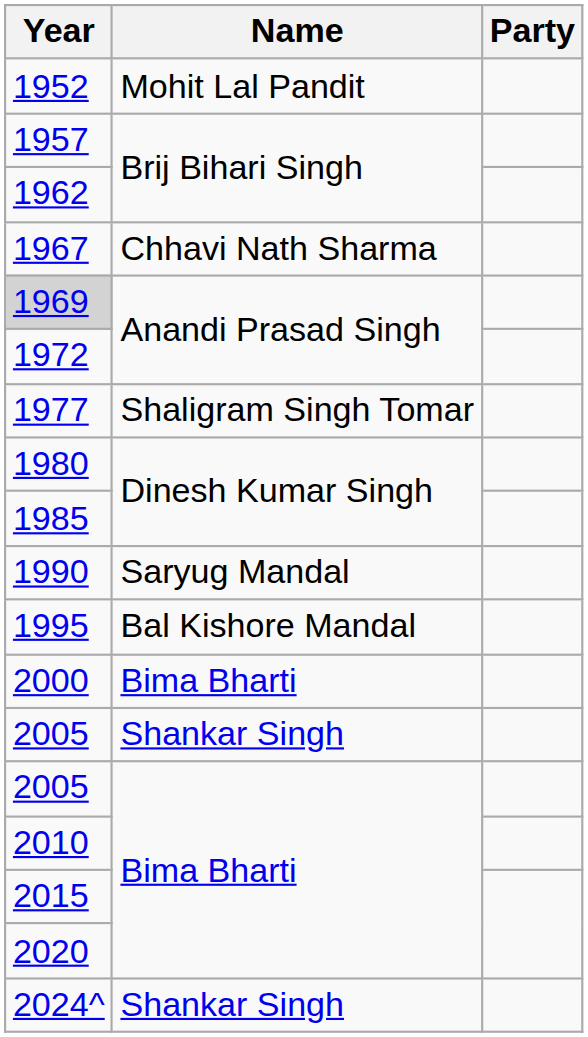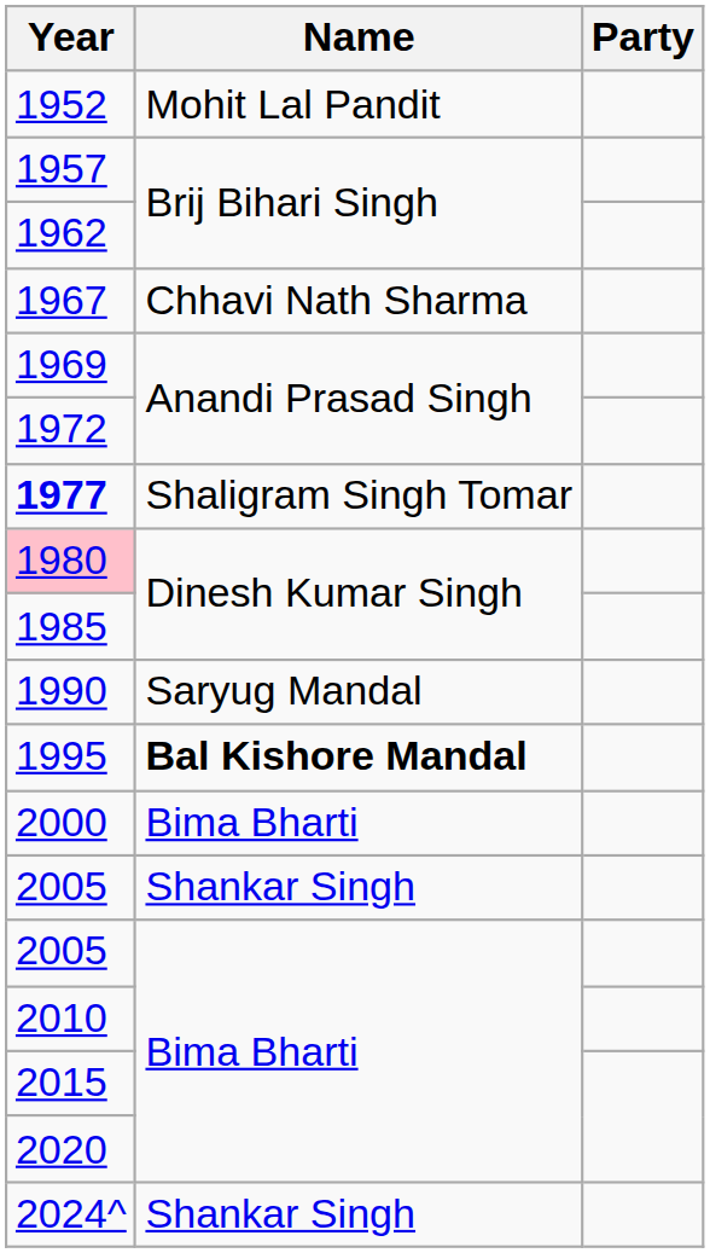 <table class="wikitable sortable">
 <tr>
 <th>Year</th>
 <th>Name</th>
 <th colspan="2">Party</th>
 </tr>
 <tr>
 <td><a href='#'>1952</a></td>
 <td>Mohit Lal Pandit</td>
 <td></td>
 </tr>
 <tr>
 <td><a href='#'>1957</a></td>
 <td rowspan="2">Brij Bihari Singh</td>
 <td></td>
 </tr>
 <tr>
 <td><a href='#'>1962</a></td>
 </tr>
 <tr>
 <td><a href='#'>1967</a></td>
 <td>Chhavi Nath Sharma</td>
 <td></td>
 </tr>
 <tr>
-<td style="background: lightgrey;"><a href='#'>1969</a></td>
+<td><a href='#'>1969</a></td>
 <td rowspan="2">Anandi Prasad Singh</td>
 <td></td>
 </tr>
 <tr>
 <td><a href='#'>1972</a></td>
 </tr>
 <tr>
-<td><a href='#'>1977</a></td>
+<td><strong><a href='#'>1977</a></strong></td>
 <td>Shaligram Singh Tomar</td>
 <td></td>
 </tr>
 <tr>
-<td><a href='#'>1980</a></td>
+<td style="background: pink;"><a href='#'>1980</a></td>
 <td rowspan="2">Dinesh Kumar Singh</td>
 <td></td>
 </tr>
 <tr>
 <td><a href='#'>1985</a></td>
 <td></td>
 </tr>
 <tr>
 <td><a href='#'>1990</a></td>
 <td>Saryug Mandal</td>
 <td></td>
 </tr>
 <tr>
 <td><a href='#'>1995</a></td>
-<td>Bal Kishore Mandal</td>
+<td><strong>Bal Kishore Mandal</strong></td>
 <td></td>
 </tr>
 <tr>
 <td><a href='#'>2000</a></td>
 <td><a href='#'>Bima Bharti</a></td>
 <td></td>
 </tr>
 <tr>
 <td><a href='#'>2005</a></td>
 <td><a href='#'>Shankar Singh</a></td>
 <td></td>
 </tr>
 <tr>
 <td><a href='#'>2005</a></td>
 <td rowspan="4"><a href='#'>Bima Bharti</a></td>
 <td></td>
 </tr>
 <tr>
 <td><a href='#'>2010</a></td>
 <td></td>
 </tr>
 <tr>
 <td><a href='#'>2015</a></td>
 </tr>
 <tr>
 <td><a href='#'>2020</a></td>
 </tr>
 <tr>
 <td><a href='#'>2024^</a></td>
 <td><a href='#'>Shankar Singh</a></td>
 <td></td>
 </tr>
 </table>
